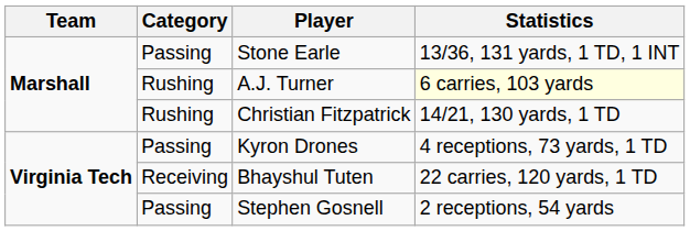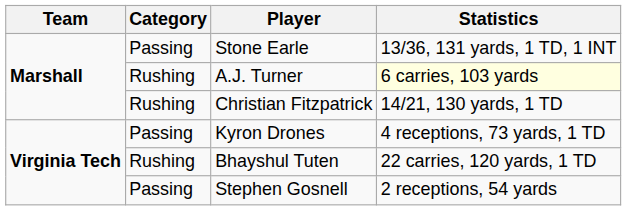 <table class="wikitable" style="float: right;">
 <tr>
 <th>Team</th>
 <th>Category</th>
 <th>Player</th>
 <th>Statistics</th>
 </tr>
 <tr>
 <td rowspan=3><strong>Marshall</strong></td>
 <td>Passing</td>
 <td>Stone Earle</td>
 <td>13/36, 131 yards, 1 TD, 1 INT</td>
 </tr>
 <tr>
 <td>Rushing</td>
 <td>A.J. Turner</td>
 <td style="background: lightyellow;">6 carries, 103 yards</td>
 </tr>
 <tr>
 <td>Rushing</td>
 <td>Christian Fitzpatrick</td>
 <td>14/21, 130 yards, 1 TD</td>
 </tr>
 <tr>
 <td rowspan=3><strong>Virginia Tech</strong></td>
 <td>Passing</td>
 <td>Kyron Drones</td>
 <td>4 receptions, 73 yards, 1 TD</td>
 </tr>
 <tr>
-<td>Receiving</td>
+<td>Rushing</td>
 <td>Bhayshul Tuten</td>
 <td>22 carries, 120 yards, 1 TD</td>
 </tr>
 <tr>
 <td>Passing</td>
 <td>Stephen Gosnell</td>
 <td>2 receptions, 54 yards</td>
 </tr>
 </table>
